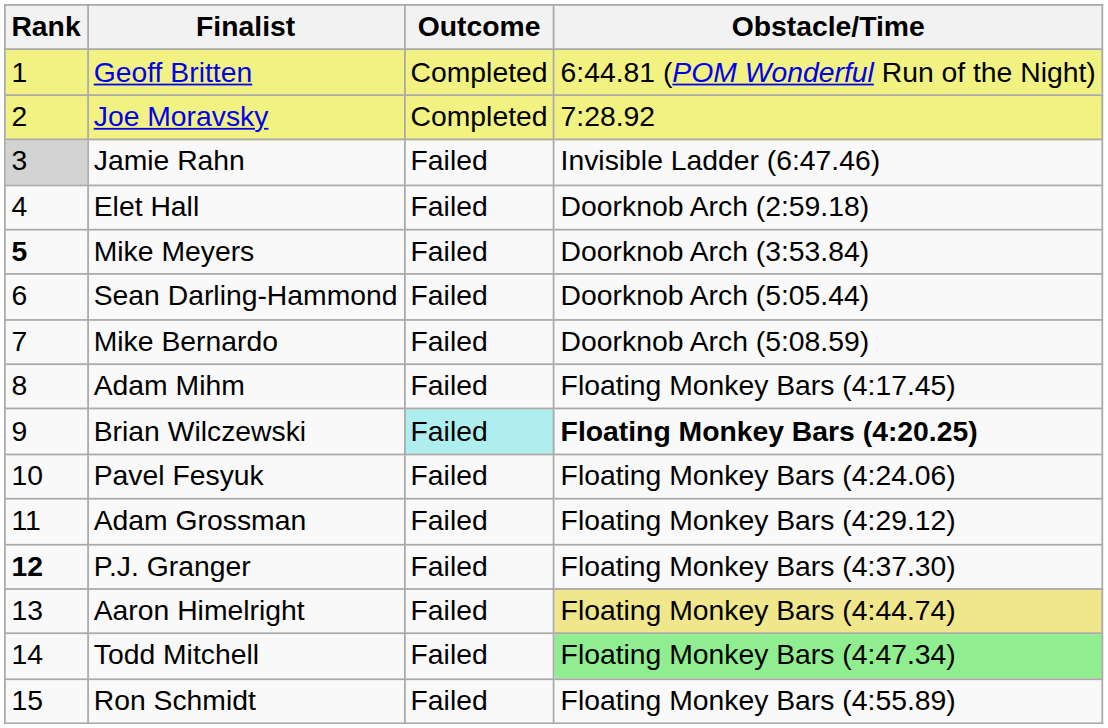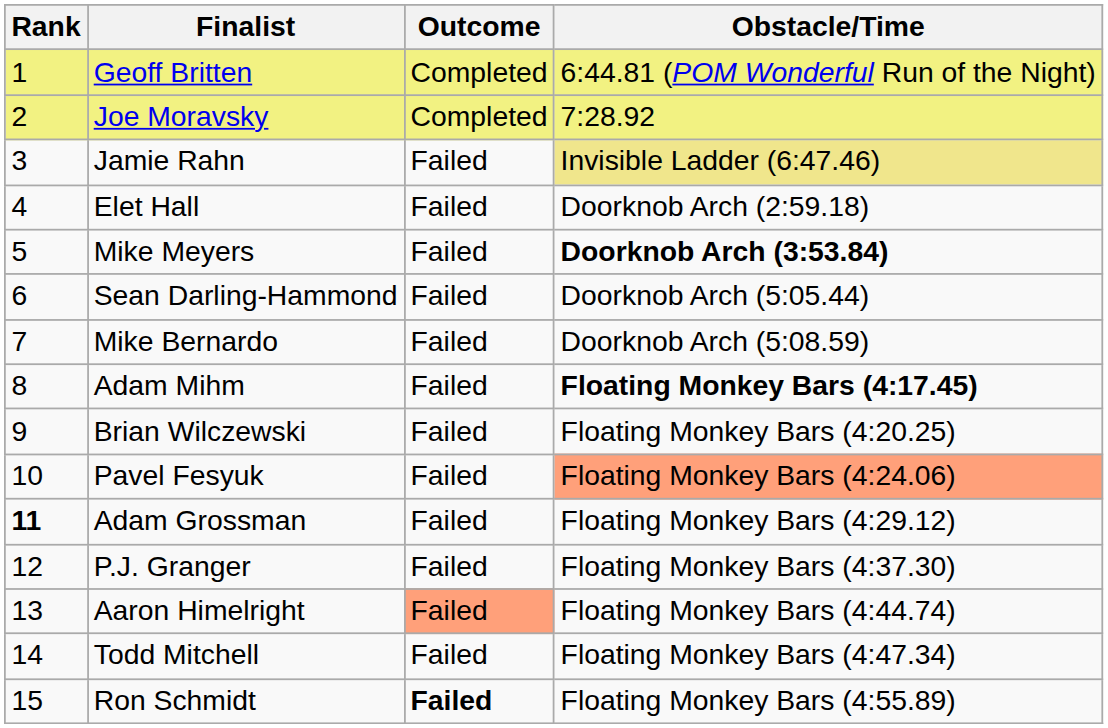 <table class="wikitable">
 <tr>
 <th>Rank</th>
 <th>Finalist</th>
 <th>Outcome</th>
 <th>Obstacle/Time</th>
 </tr>
 <tr style="background-color:#f2f282">
 <td>1</td>
 <td><a href='#'>Geoff Britten</a></td>
 <td>Completed</td>
 <td>6:44.81 (<em><a href='#'>POM Wonderful</a></em> Run of the Night)</td>
 </tr>
 <tr style="background-color:#f2f282">
 <td>2</td>
 <td><a href='#'>Joe Moravsky</a></td>
 <td>Completed</td>
 <td>7:28.92</td>
 </tr>
 <tr>
-<td style="background: lightgrey;">3</td>
+<td>3</td>
 <td>Jamie Rahn</td>
 <td>Failed</td>
-<td>Invisible Ladder (6:47.46)</td>
+<td style="background: khaki;">Invisible Ladder (6:47.46)</td>
 </tr>
 <tr>
 <td>4</td>
 <td>Elet Hall</td>
 <td>Failed</td>
 <td>Doorknob Arch (2:59.18)</td>
 </tr>
 <tr>
-<td><strong>5</strong></td>
+<td>5</td>
 <td>Mike Meyers</td>
 <td>Failed</td>
-<td>Doorknob Arch (3:53.84)</td>
+<td><strong>Doorknob Arch (3:53.84)</strong></td>
 </tr>
 <tr>
 <td>6</td>
 <td>Sean Darling-Hammond</td>
 <td>Failed</td>
 <td>Doorknob Arch (5:05.44)</td>
 </tr>
 <tr>
 <td>7</td>
 <td>Mike Bernardo</td>
 <td>Failed</td>
 <td>Doorknob Arch (5:08.59)</td>
 </tr>
 <tr>
 <td>8</td>
 <td>Adam Mihm</td>
 <td>Failed</td>
-<td>Floating Monkey Bars (4:17.45)</td>
+<td><strong>Floating Monkey Bars (4:17.45)</strong></td>
 </tr>
 <tr>
 <td>9</td>
 <td>Brian Wilczewski</td>
-<td style="background: paleturquoise;">Failed</td>
-<td><strong>Floating Monkey Bars (4:20.25)</strong></td>
+<td>Failed</td>
+<td>Floating Monkey Bars (4:20.25)</td>
 </tr>
 <tr>
 <td>10</td>
 <td>Pavel Fesyuk</td>
 <td>Failed</td>
-<td>Floating Monkey Bars (4:24.06)</td>
+<td style="background: lightsalmon;">Floating Monkey Bars (4:24.06)</td>
 </tr>
 <tr>
-<td>11</td>
+<td><strong>11</strong></td>
 <td>Adam Grossman</td>
 <td>Failed</td>
 <td>Floating Monkey Bars (4:29.12)</td>
 </tr>
 <tr>
-<td><strong>12</strong></td>
+<td>12</td>
 <td>P.J. Granger</td>
 <td>Failed</td>
 <td>Floating Monkey Bars (4:37.30)</td>
 </tr>
 <tr>
 <td>13</td>
 <td>Aaron Himelright</td>
-<td>Failed</td>
-<td style="background: khaki;">Floating Monkey Bars (4:44.74)</td>
+<td style="background: lightsalmon;">Failed</td>
+<td>Floating Monkey Bars (4:44.74)</td>
 </tr>
 <tr>
 <td>14</td>
 <td>Todd Mitchell</td>
 <td>Failed</td>
-<td style="background: lightgreen;">Floating Monkey Bars (4:47.34)</td>
+<td>Floating Monkey Bars (4:47.34)</td>
 </tr>
 <tr>
 <td>15</td>
 <td>Ron Schmidt</td>
-<td>Failed</td>
+<td><strong>Failed</strong></td>
 <td>Floating Monkey Bars (4:55.89)</td>
 </tr>
 <tr>
 </tr>
 </table>
